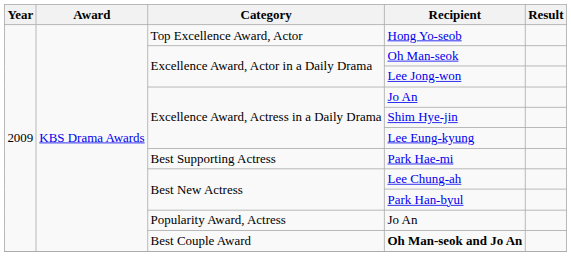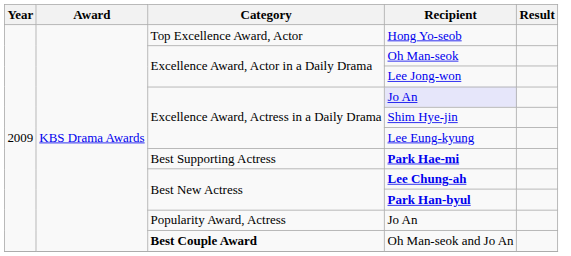 <table class="wikitable">
 <tr>
 <th>Year</th>
 <th>Award</th>
 <th>Category</th>
 <th>Recipient</th>
 <th>Result</th>
 </tr>
 <tr>
 <td rowspan=11>2009</td>
 <td rowspan=11><a href='#'>KBS Drama Awards</a></td>
 <td>Top Excellence Award, Actor</td>
 <td><a href='#'>Hong Yo-seob</a></td>
 <td></td>
 </tr>
 <tr>
 <td rowspan=2>Excellence Award, Actor in a Daily Drama</td>
 <td><a href='#'>Oh Man-seok</a></td>
 <td></td>
 </tr>
 <tr>
 <td><a href='#'>Lee Jong-won</a></td>
 <td></td>
 </tr>
 <tr>
 <td rowspan=3>Excellence Award, Actress in a Daily Drama</td>
-<td><a href='#'>Jo An</a></td>
+<td style="background: lavender;"><a href='#'>Jo An</a></td>
 <td></td>
 </tr>
 <tr>
 <td><a href='#'>Shim Hye-jin</a></td>
 <td></td>
 </tr>
 <tr>
 <td><a href='#'>Lee Eung-kyung</a></td>
 <td></td>
 </tr>
 <tr>
 <td>Best Supporting Actress</td>
-<td><a href='#'>Park Hae-mi</a></td>
+<td><strong><a href='#'>Park Hae-mi</a></strong></td>
 <td></td>
 </tr>
 <tr>
 <td rowspan=2>Best New Actress</td>
-<td><a href='#'>Lee Chung-ah</a></td>
+<td><strong><a href='#'>Lee Chung-ah</a></strong></td>
 <td></td>
 </tr>
 <tr>
-<td><a href='#'>Park Han-byul</a></td>
+<td><strong><a href='#'>Park Han-byul</a></strong></td>
 <td></td>
 </tr>
 <tr>
 <td>Popularity Award, Actress</td>
 <td>Jo An</td>
 <td></td>
 </tr>
 <tr>
-<td>Best Couple Award</td>
-<td><strong>Oh Man-seok and Jo An</strong></td>
+<td><strong>Best Couple Award</strong></td>
+<td>Oh Man-seok and Jo An</td>
 <td></td>
 </tr>
 <tr>
 </tr>
 </table>
